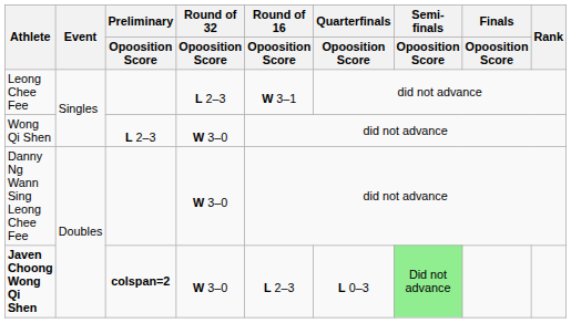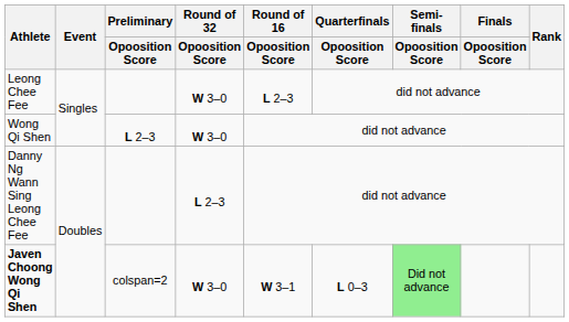 <table class="wikitable" style="font-size: 90%">
 <tr>
 <th rowspan="2">Athlete</th>
 <th rowspan="2">Event</th>
 <th>Preliminary</th>
 <th>Round of 32</th>
 <th>Round of 16</th>
 <th>Quarterfinals</th>
 <th>Semi-finals</th>
 <th>Finals</th>
 <th rowspan="2">Rank</th>
 </tr>
 <tr>
 <th>Opoosition<br>Score</th>
 <th>Opoosition<br>Score</th>
 <th>Opoosition<br>Score</th>
 <th>Opoosition<br>Score</th>
 <th>Opoosition<br>Score</th>
 <th>Opoosition<br>Score</th>
 </tr>
 <tr align="center">
 <td align="left">Leong Chee Fee</td>
 <td align="left" rowspan="2">Singles</td>
 <td></td>
+<td><br><strong>W</strong> 3–0</td>
 <td><br><strong>L</strong> 2–3</td>
-<td><br><strong>W</strong> 3–1</td>
 <td colspan=4>did not advance</td>
 </tr>
 <tr align="center">
 <td align="left">Wong Qi Shen</td>
 <td><br><strong>L</strong> 2–3</td>
 <td><br><strong>W</strong> 3–0</td>
 <td colspan=5>did not advance</td>
 </tr>
 <tr align="center">
 <td align="left">Danny Ng Wann Sing<br>Leong Chee Fee</td>
 <td align="left" rowspan="2">Doubles</td>
 <td></td>
-<td><br><strong>W</strong> 3–0</td>
+<td><br><strong>L</strong> 2–3</td>
 <td colspan=5>did not advance</td>
 </tr>
 <tr align="center">
 <td align="left"><strong>Javen Choong<br>Wong Qi Shen</strong></td>
-<td><strong>colspan=2 </strong></td>
+<td>colspan=2 </td>
 <td><br><strong>W</strong> 3–0</td>
-<td><br><strong>L</strong> 2–3</td>
+<td><br><strong>W</strong> 3–1</td>
 <td><br><strong>L</strong> 0–3</td>
 <td style="background: lightgreen;">Did not advance</td>
 <td></td>
 </tr>
 </table>
